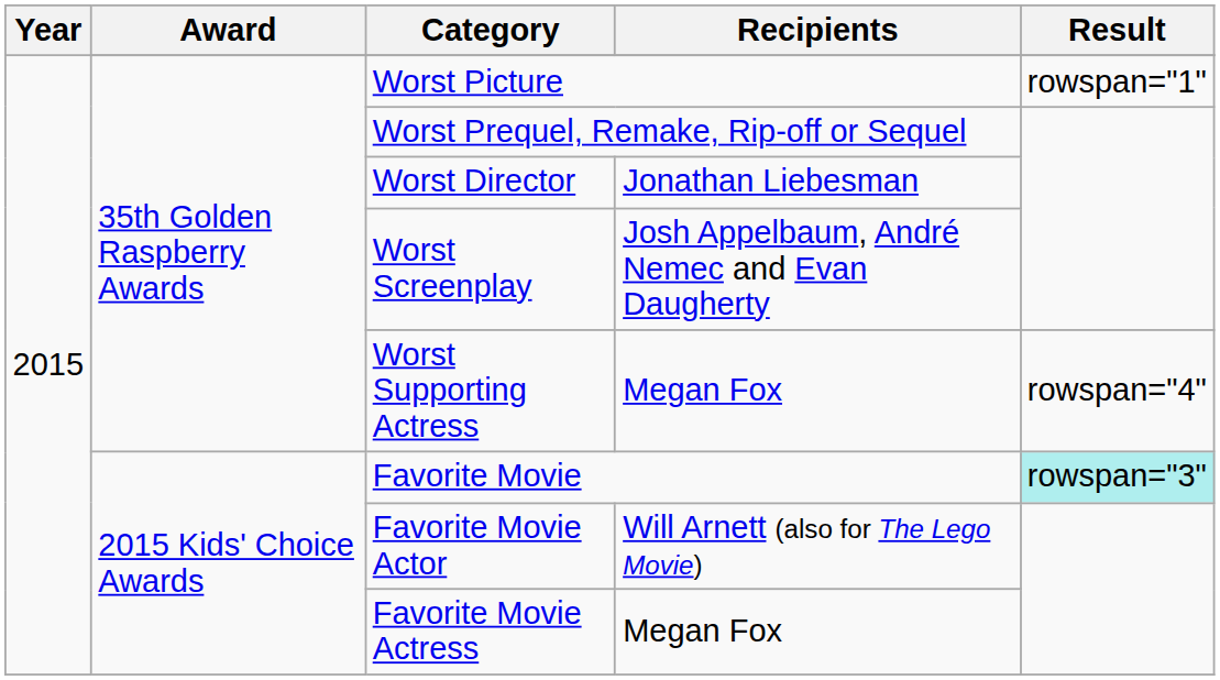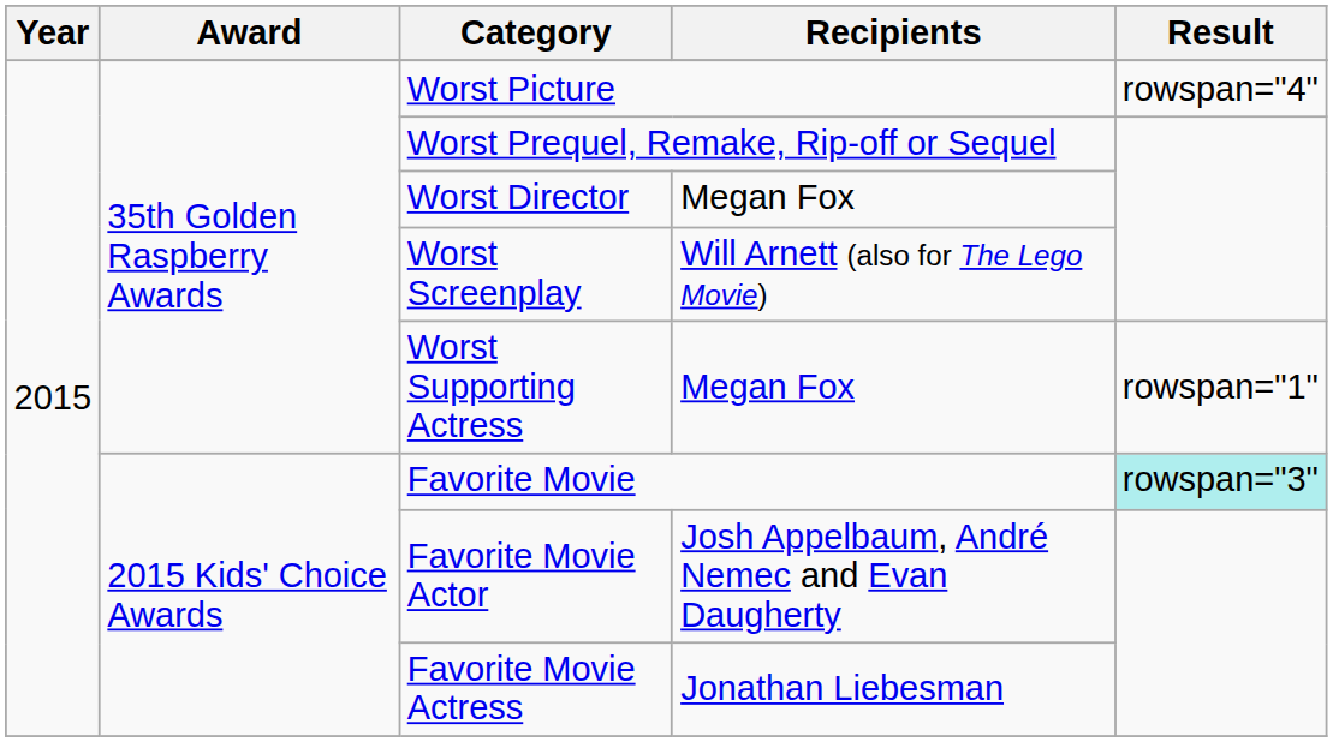 <table class="wikitable sortable">
 <tr>
 <th>Year</th>
 <th>Award</th>
 <th>Category</th>
 <th>Recipients</th>
 <th>Result</th>
 </tr>
 <tr>
 <td rowspan="9">2015</td>
 </tr>
 <tr>
 <td rowspan="5"><a href='#'>35th Golden Raspberry Awards</a></td>
 <td colspan="2"><a href='#'>Worst Picture</a></td>
-<td>rowspan="1" </td>
+<td>rowspan="4" </td>
 </tr>
 <tr>
 <td colspan="2"><a href='#'>Worst Prequel, Remake, Rip-off or Sequel</a></td>
 </tr>
 <tr>
 <td><a href='#'>Worst Director</a></td>
-<td><a href='#'>Jonathan Liebesman</a></td>
+<td>Megan Fox</td>
 </tr>
 <tr>
 <td><a href='#'>Worst Screenplay</a></td>
-<td><a href='#'>Josh Appelbaum</a>, <a href='#'>André Nemec</a> and <a href='#'>Evan Daugherty</a></td>
+<td><a href='#'>Will Arnett</a> <small>(also for <em><a href='#'>The Lego Movie</a></em>)</small></td>
 </tr>
 <tr>
 <td><a href='#'>Worst Supporting Actress</a></td>
 <td><a href='#'>Megan Fox</a></td>
-<td>rowspan="4" </td>
+<td>rowspan="1" </td>
 </tr>
 <tr>
 <td rowspan="3"><a href='#'>2015 Kids' Choice Awards</a></td>
 <td colspan="2"><a href='#'>Favorite Movie</a></td>
 <td style="background: paleturquoise;">rowspan="3" </td>
 </tr>
 <tr>
 <td><a href='#'>Favorite Movie Actor</a></td>
-<td><a href='#'>Will Arnett</a> <small>(also for <em><a href='#'>The Lego Movie</a></em>)</small></td>
+<td><a href='#'>Josh Appelbaum</a>, <a href='#'>André Nemec</a> and <a href='#'>Evan Daugherty</a></td>
 </tr>
 <tr>
 <td><a href='#'>Favorite Movie Actress</a></td>
-<td>Megan Fox</td>
+<td><a href='#'>Jonathan Liebesman</a></td>
 </tr>
 </table>
